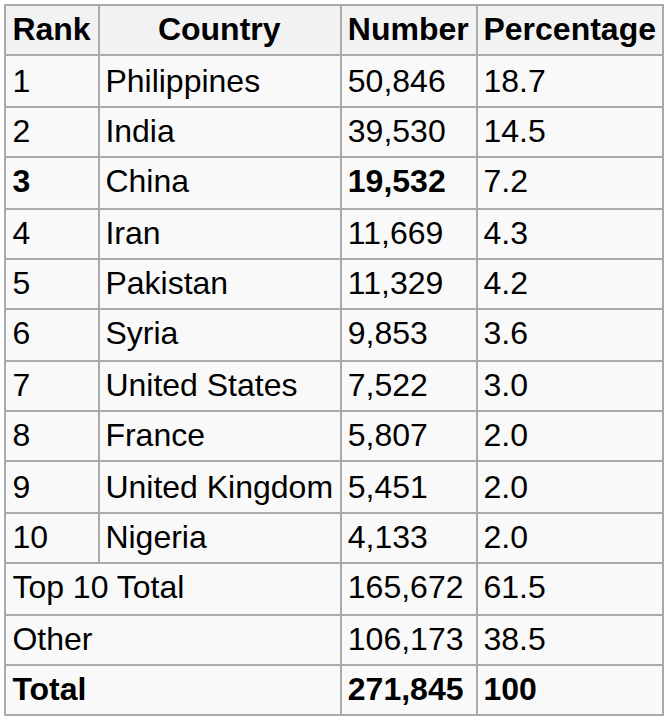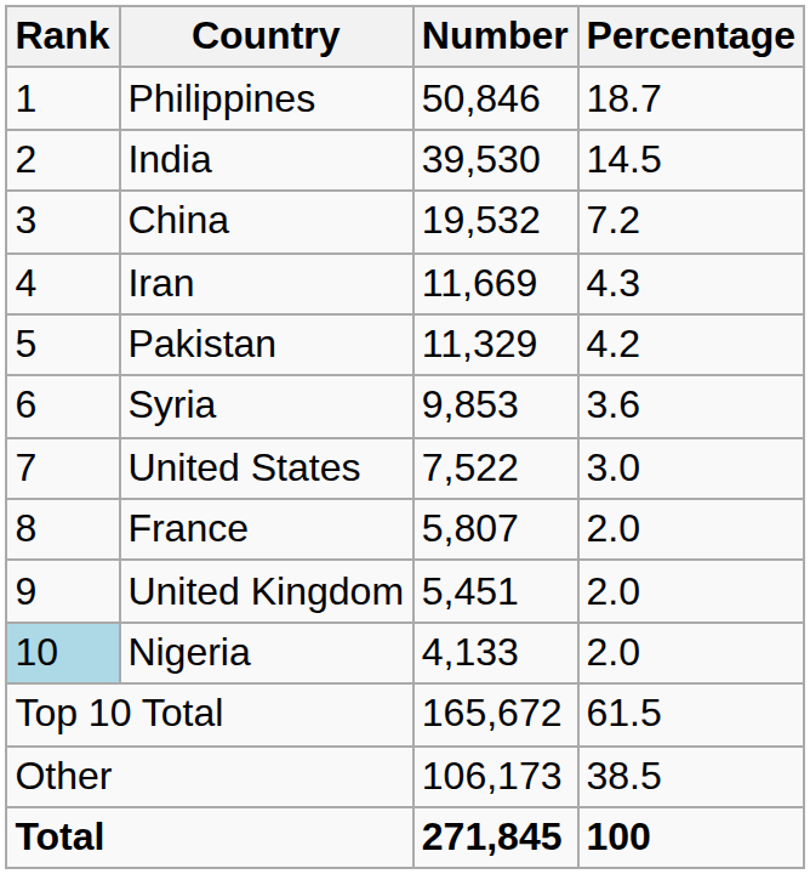 <table class="wikitable" style="float: center;">
 <tr>
 <th>Rank</th>
 <th>Country</th>
 <th>Number</th>
 <th>Percentage</th>
 </tr>
 <tr>
 <td>1</td>
 <td>Philippines</td>
 <td>50,846</td>
 <td>18.7</td>
 </tr>
 <tr>
 <td>2</td>
 <td>India</td>
 <td>39,530</td>
 <td>14.5</td>
 </tr>
 <tr>
-<td><strong>3</strong></td>
+<td>3</td>
 <td>China</td>
-<td><strong>19,532</strong></td>
+<td>19,532</td>
 <td>7.2</td>
 </tr>
 <tr>
 <td>4</td>
 <td>Iran</td>
 <td>11,669</td>
 <td>4.3</td>
 </tr>
 <tr>
 <td>5</td>
 <td>Pakistan</td>
 <td>11,329</td>
 <td>4.2</td>
 </tr>
 <tr>
 <td>6</td>
 <td>Syria</td>
 <td>9,853</td>
 <td>3.6</td>
 </tr>
 <tr>
 <td>7</td>
 <td>United States</td>
 <td>7,522</td>
 <td>3.0</td>
 </tr>
 <tr>
 <td>8</td>
 <td>France</td>
 <td>5,807</td>
 <td>2.0</td>
 </tr>
 <tr>
 <td>9</td>
 <td>United Kingdom</td>
 <td>5,451</td>
 <td>2.0</td>
 </tr>
 <tr>
-<td>10</td>
+<td style="background: lightblue;">10</td>
 <td>Nigeria</td>
 <td>4,133</td>
 <td>2.0</td>
 </tr>
 <tr>
 <td colspan="2">Top 10 Total</td>
 <td>165,672</td>
 <td>61.5</td>
 </tr>
 <tr>
 <td colspan="2">Other</td>
 <td>106,173</td>
 <td>38.5</td>
 </tr>
 <tr>
 <td colspan="2"><strong>Total</strong></td>
 <td><strong>271,845</strong></td>
 <td><strong>100</strong></td>
 </tr>
 </table>
